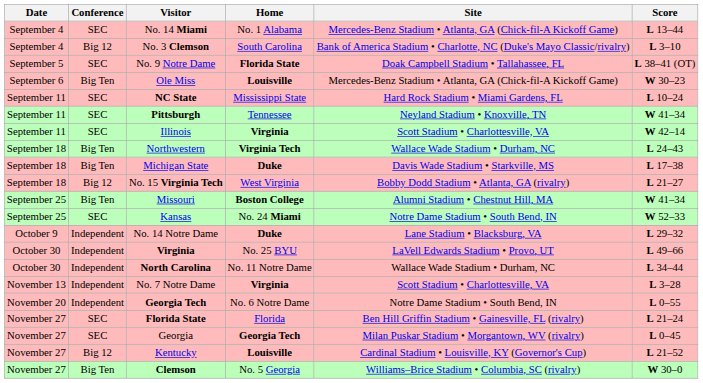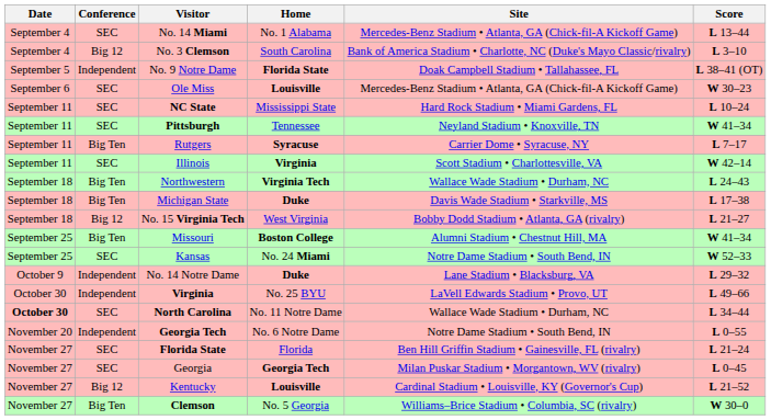 <table class="wikitable" style="text-align:center">
 <tr>
 <th>Date</th>
 <th>Conference</th>
 <th>Visitor</th>
 <th>Home</th>
 <th>Site</th>
 <th>Score</th>
 </tr>
 <tr style="background:#fbb;">
 <td>September 4</td>
 <td>SEC</td>
 <td>No. 14 <strong>Miami</strong></td>
 <td>No. 1 <a href='#'>Alabama</a></td>
 <td><a href='#'>Mercedes-Benz Stadium</a> •  <a href='#'>Atlanta, GA</a> (<a href='#'>Chick-fil-A Kickoff Game</a>)</td>
 <td><strong>L</strong> 13–44</td>
 </tr>
 <tr style="background:#fbb;">
 <td>September 4</td>
 <td>Big 12</td>
 <td>No. 3 <strong>Clemson</strong></td>
 <td><a href='#'>South Carolina</a></td>
 <td><a href='#'>Bank of America Stadium</a> •  <a href='#'>Charlotte, NC</a> (<a href='#'>Duke's Mayo Classic</a>/<a href='#'>rivalry</a>)</td>
 <td><strong>L</strong> 3–10</td>
 </tr>
 <tr style="background:#fbb;">
 <td>September 5</td>
-<td>SEC</td>
+<td>Independent</td>
 <td>No. 9 <a href='#'>Notre Dame</a></td>
 <td><strong>Florida State</strong></td>
 <td><a href='#'>Doak Campbell Stadium</a> • <a href='#'>Tallahassee, FL</a></td>
 <td><strong>L</strong> 38–41 (OT)</td>
 </tr>
 <tr style="background:#fbb;">
 <td>September 6</td>
-<td>Big Ten</td>
+<td>SEC</td>
 <td><a href='#'>Ole Miss</a></td>
 <td><strong>Louisville</strong></td>
 <td>Mercedes-Benz Stadium • Atlanta, GA (Chick-fil-A Kickoff Game)</td>
 <td><strong>W</strong> 30–23</td>
 </tr>
 <tr style="background:#fbb;">
 <td>September 11</td>
 <td>SEC</td>
 <td><strong>NC State</strong></td>
 <td><a href='#'>Mississippi State</a></td>
 <td><a href='#'>Hard Rock Stadium</a> • <a href='#'>Miami Gardens, FL</a></td>
 <td><strong>L</strong> 10–24</td>
 </tr>
 <tr style="background:#bfb;">
 <td>September 11</td>
 <td>SEC</td>
 <td><strong>Pittsburgh</strong></td>
 <td><a href='#'>Tennessee</a></td>
 <td><a href='#'>Neyland Stadium</a> • <a href='#'>Knoxville, TN</a></td>
 <td><strong>W</strong> 41–34</td>
+</tr>
+<tr style="background:#fbb;">
+<td>September 11</td>
+<td>Big Ten</td>
+<td><a href='#'>Rutgers</a></td>
+<td><strong>Syracuse</strong></td>
+<td><a href='#'>Carrier Dome</a> • <a href='#'>Syracuse, NY</a></td>
+<td><strong>L</strong> 7–17</td>
 </tr>
 <tr style="background:#bfb;">
 <td>September 11</td>
 <td>SEC</td>
 <td><a href='#'>Illinois</a></td>
 <td><strong>Virginia</strong></td>
 <td><a href='#'>Scott Stadium</a> •  <a href='#'>Charlottesville, VA</a></td>
 <td><strong>W</strong> 42–14</td>
 </tr>
 <tr style="background:#bfb;">
 <td>September 18</td>
 <td>Big Ten</td>
 <td><a href='#'>Northwestern</a></td>
 <td><strong>Virginia Tech</strong></td>
 <td><a href='#'>Wallace Wade Stadium</a> • <a href='#'>Durham, NC</a></td>
 <td><strong>L</strong> 24–43</td>
 </tr>
 <tr style="background:#fbb;">
 <td>September 18</td>
 <td>Big Ten</td>
 <td><a href='#'>Michigan State</a></td>
 <td><strong>Duke</strong></td>
 <td><a href='#'>Davis Wade Stadium</a>  • <a href='#'>Starkville, MS</a></td>
 <td><strong>L</strong> 17–38</td>
 </tr>
 <tr style="background:#fbb;">
 <td>September 18</td>
 <td>Big 12</td>
 <td>No. 15 <strong>Virginia Tech</strong></td>
 <td><a href='#'>West Virginia</a></td>
 <td><a href='#'>Bobby Dodd Stadium</a> • <a href='#'>Atlanta, GA</a> (<a href='#'>rivalry</a>)</td>
 <td><strong>L</strong> 21–27</td>
 </tr>
 <tr style="background:#bfb;">
 <td>September 25</td>
 <td>Big Ten</td>
 <td><a href='#'>Missouri</a></td>
 <td><strong>Boston College</strong></td>
 <td><a href='#'>Alumni Stadium</a> • <a href='#'>Chestnut Hill, MA</a></td>
 <td><strong>W</strong> 41–34</td>
 </tr>
 <tr style="background:#bfb;">
 <td>September 25</td>
 <td>SEC</td>
 <td><a href='#'>Kansas</a></td>
 <td>No. 24 <strong>Miami</strong></td>
 <td><a href='#'>Notre Dame Stadium</a> • <a href='#'>South Bend, IN</a></td>
 <td><strong>W</strong> 52–33</td>
 </tr>
 <tr style="background:#fbb;">
 <td>October 9</td>
 <td>Independent</td>
 <td>No. 14 Notre Dame</td>
 <td><strong>Duke</strong></td>
 <td><a href='#'>Lane Stadium</a> • <a href='#'>Blacksburg, VA</a></td>
 <td><strong>L</strong> 29–32</td>
 </tr>
 <tr style="background:#fbb;">
 <td>October 30</td>
 <td>Independent</td>
 <td><strong>Virginia</strong></td>
 <td>No. 25 <a href='#'>BYU</a></td>
 <td><a href='#'>LaVell Edwards Stadium</a> • <a href='#'>Provo, UT</a></td>
 <td><strong>L</strong> 49–66</td>
 </tr>
 <tr style="background:#fbb;">
-<td>October 30</td>
-<td>Independent</td>
+<td><strong>October 30</strong></td>
+<td>SEC</td>
 <td><strong>North Carolina</strong></td>
 <td>No. 11 Notre Dame</td>
 <td>Wallace Wade Stadium • Durham, NC</td>
 <td><strong>L</strong> 34–44</td>
-</tr>
-<tr style="background:#fbb;">
-<td>November 13</td>
-<td>Independent</td>
-<td>No. 7 Notre Dame</td>
-<td><strong>Virginia</strong></td>
-<td><a href='#'>Scott Stadium</a> • <a href='#'>Charlottesville, VA</a></td>
-<td><strong>L</strong> 3–28</td>
 </tr>
 <tr style="background:#fbb;">
 <td>November 20</td>
 <td>Independent</td>
 <td><strong>Georgia Tech</strong></td>
 <td>No. 6 Notre Dame</td>
 <td>Notre Dame Stadium • South Bend, IN</td>
 <td><strong>L</strong> 0–55</td>
 </tr>
 <tr style="background:#fbb;">
 <td>November 27</td>
 <td>SEC</td>
 <td><strong>Florida State</strong></td>
 <td><a href='#'>Florida</a></td>
 <td><a href='#'>Ben Hill Griffin Stadium</a> • <a href='#'>Gainesville, FL</a> (<a href='#'>rivalry</a>)</td>
 <td><strong>L</strong> 21–24</td>
 </tr>
 <tr style="background:#fbb;">
 <td>November 27</td>
 <td>SEC</td>
 <td>Georgia</td>
 <td><strong>Georgia Tech</strong></td>
 <td><a href='#'>Milan Puskar Stadium</a> • <a href='#'>Morgantown, WV</a> (<a href='#'>rivalry</a>)</td>
 <td><strong>L</strong> 0–45</td>
 </tr>
 <tr style="background:#fbb;">
 <td>November 27</td>
 <td>Big 12</td>
 <td><a href='#'>Kentucky</a></td>
 <td><strong>Louisville</strong></td>
 <td><a href='#'>Cardinal Stadium</a> • <a href='#'>Louisville, KY</a> (<a href='#'>Governor's Cup</a>)</td>
 <td><strong>L</strong> 21–52</td>
 </tr>
 <tr style="background:#bfb;">
 <td>November 27</td>
 <td>Big Ten</td>
 <td><strong>Clemson</strong></td>
 <td>No. 5 <a href='#'>Georgia</a></td>
 <td><a href='#'>Williams–Brice Stadium</a> • <a href='#'>Columbia, SC</a> (<a href='#'>rivalry</a>)</td>
 <td><strong>W</strong> 30–0</td>
 </tr>
 </table>
